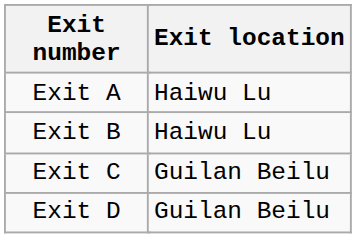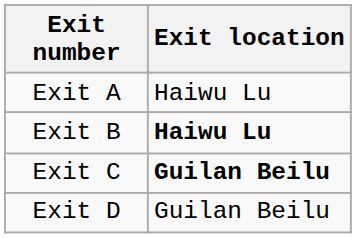 <table class="wikitable">
 <tr>
 <th style="width:70px" colspan="2">Exit number</th>
 <th>Exit location</th>
 </tr>
 <tr>
 <td align="center" colspan="2">Exit A</td>
 <td>Haiwu Lu</td>
 </tr>
 <tr>
 <td align="center" colspan="2">Exit B</td>
-<td>Haiwu Lu</td>
+<td><strong>Haiwu Lu</strong></td>
 </tr>
 <tr>
 <td align="center" colspan="2">Exit C</td>
-<td>Guilan Beilu</td>
+<td><strong>Guilan Beilu</strong></td>
 </tr>
 <tr>
 <td align="center" colspan="2">Exit D</td>
 <td>Guilan Beilu</td>
 </tr>
 </table>
